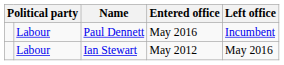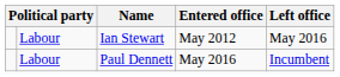 <table class="wikitable">
 <tr>
 <th colspan=2>Political party</th>
 <th>Name</th>
 <th>Entered office</th>
 <th>Left office</th>
 </tr>
 <tr>
 <td style="background-color: "></td>
 <td><a href='#'>Labour</a></td>
+<td><a href='#'>Ian Stewart</a></td>
+<td>May 2012</td>
+<td>May 2016</td>
+</tr>
+<tr>
+<td style="background-color: "></td>
+<td><a href='#'>Labour</a></td>
 <td><a href='#'>Paul Dennett</a></td>
 <td>May 2016</td>
 <td><a href='#'>Incumbent</a></td>
 </tr>
-<tr>
-<td style="background-color: "></td>
-<td><a href='#'>Labour</a></td>
-<td><a href='#'>Ian Stewart</a></td>
-<td>May 2012</td>
-<td>May 2016</td>
-</tr>
 </table>
